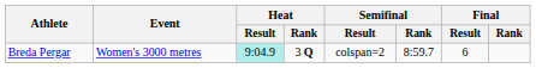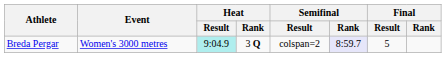 <table class="wikitable" style="font-size:90%; width:40%">
 <tr>
 <th rowspan="2">Athlete</th>
 <th rowspan="2">Event</th>
 <th colspan="2">Heat</th>
 <th colspan="2">Semifinal</th>
 <th colspan="2">Final</th>
 </tr>
 <tr style="font-size:95%">
 <th>Result</th>
 <th>Rank</th>
 <th>Result</th>
 <th>Rank</th>
 <th>Result</th>
 <th>Rank</th>
 </tr>
 <tr align=center>
 <td align=left><a href='#'>Breda Pergar</a></td>
 <td align=left><a href='#'>Women's 3000 metres</a></td>
 <td style="background: paleturquoise;">9:04.9</td>
 <td>3 <strong>Q</strong></td>
 <td>colspan=2 </td>
-<td>8:59.7</td>
-<td>6</td>
+<td style="background: lavender;">8:59.7</td>
+<td>5</td>
 </tr>
 </table>
